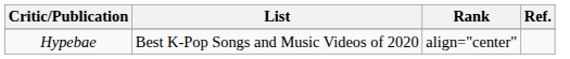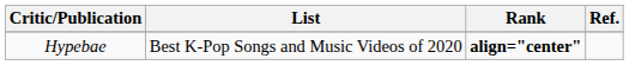 <table class="sortable wikitable" style="text-align:center">
 <tr>
 <th>Critic/Publication</th>
 <th>List</th>
 <th>Rank</th>
 <th>Ref.</th>
 </tr>
 <tr>
 </tr>
 <tr>
 <td align="center"><em>Hypebae</em></td>
 <td align="center">Best K-Pop Songs and Music Videos of 2020</td>
-<td>align="center" </td>
+<td><strong>align="center" </strong></td>
 <td></td>
 </tr>
 </table>
